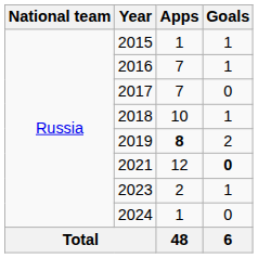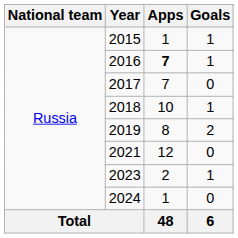 <table class=wikitable style=text-align:center>
 <tr>
 <th>National team</th>
 <th>Year</th>
 <th>Apps</th>
 <th>Goals</th>
 </tr>
 <tr>
 <td rowspan=8><a href='#'>Russia</a></td>
 <td>2015</td>
 <td>1</td>
 <td>1</td>
 </tr>
 <tr>
 <td>2016</td>
-<td>7</td>
+<td><strong>7</strong></td>
 <td>1</td>
 </tr>
 <tr>
 <td>2017</td>
 <td>7</td>
 <td>0</td>
 </tr>
 <tr>
 <td>2018</td>
 <td>10</td>
 <td>1</td>
 </tr>
 <tr>
 <td>2019</td>
-<td><strong>8</strong></td>
+<td>8</td>
 <td>2</td>
 </tr>
 <tr>
 <td>2021</td>
 <td>12</td>
-<td><strong>0</strong></td>
+<td>0</td>
 </tr>
 <tr>
 <td>2023</td>
 <td>2</td>
 <td>1</td>
 </tr>
 <tr>
 <td>2024</td>
 <td>1</td>
 <td>0</td>
 </tr>
 <tr>
 <th colspan=2>Total</th>
 <th>48</th>
 <th>6</th>
 </tr>
 </table>
